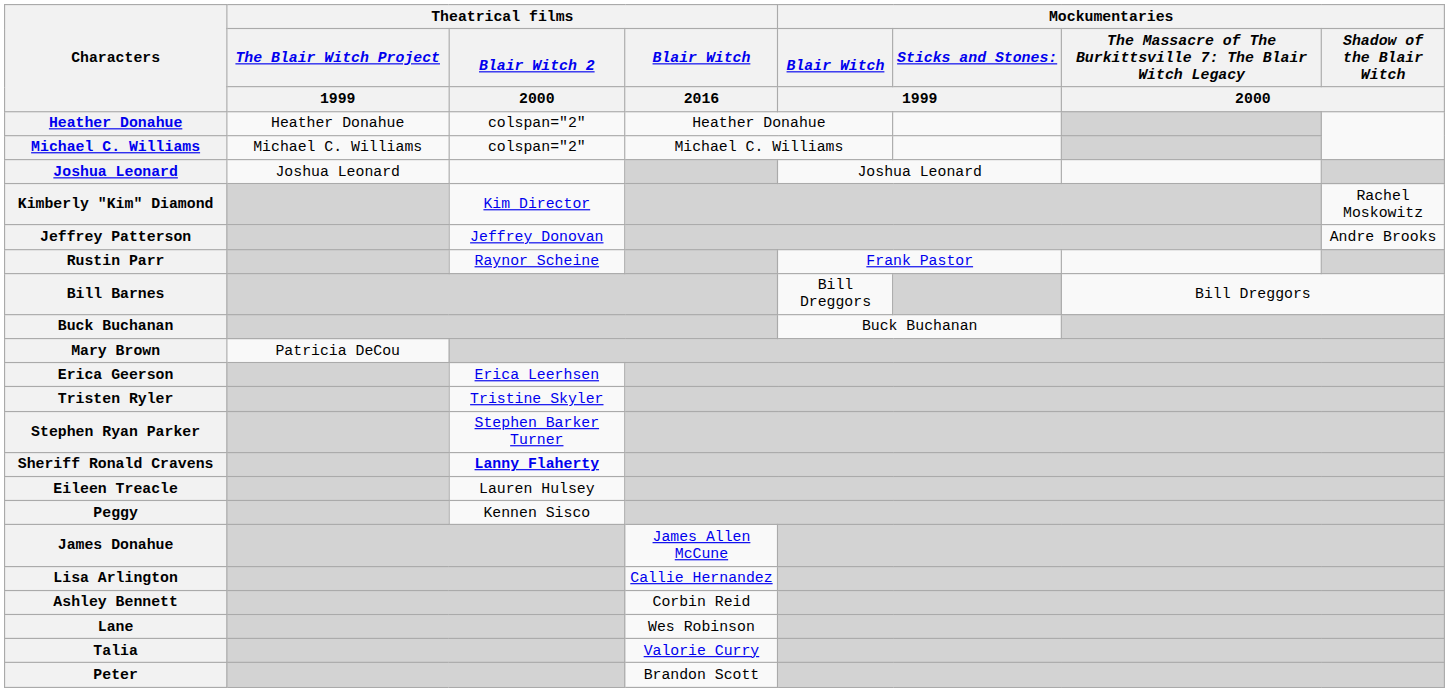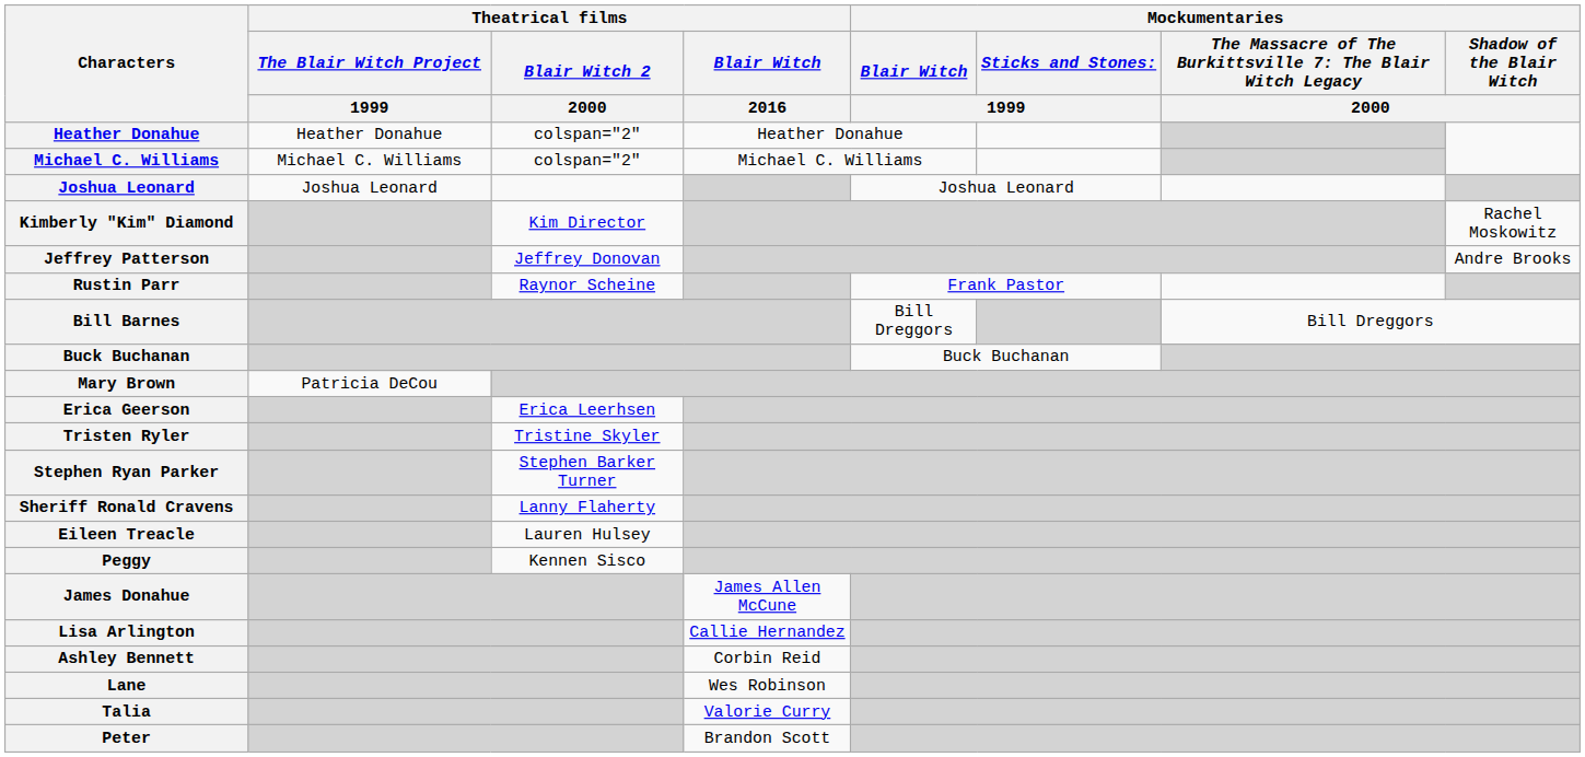 <table class="wikitable" style="text-align:center; width:100%">
 <tr>
 <th rowspan="3" score="col" width="14.5%">Characters</th>
 <th colspan="3">Theatrical films</th>
 <th colspan="4">Mockumentaries</th>
 </tr>
 <tr>
 <th score="col" width="14.5%"><em><a href='#'>The Blair Witch Project</a></em></th>
 <th score="col" width="11.5%"><em><a href='#'><br>Blair Witch 2</a></em></th>
 <th score="col" width="10%"><em><a href='#'>Blair Witch</a></em></th>
 <th score="col" width="7.5%"><em><a href='#'><br>Blair Witch</a></em></th>
 <th score="col" width="11%"><em><a href='#'>Sticks and Stones:<br></a></em></th>
 <th score="col" width="17%"><em>The Massacre of The Burkittsville 7: The Blair Witch Legacy</em></th>
 <th score="col" width="8%"><em>Shadow of the Blair Witch</em></th>
 </tr>
 <tr>
 <th>1999</th>
 <th>2000</th>
 <th>2016</th>
 <th colspan="2">1999</th>
 <th colspan="2">2000</th>
 </tr>
 <tr>
 <th><a href='#'>Heather Donahue</a></th>
 <td>Heather Donahue</td>
 <td>colspan="2" </td>
 <td colspan="2">Heather Donahue</td>
 <td></td>
 <td style="background-color:#D3D3D3;"></td>
 </tr>
 <tr>
 <th><a href='#'>Michael C. Williams</a></th>
 <td>Michael C. Williams</td>
 <td>colspan="2" </td>
 <td colspan="2">Michael C. Williams</td>
 <td></td>
 <td style="background-color:#D3D3D3;"></td>
 </tr>
 <tr>
 <th><a href='#'>Joshua Leonard</a></th>
 <td>Joshua Leonard</td>
 <td></td>
 <td style="background-color:#D3D3D3;"></td>
 <td colspan="2">Joshua Leonard</td>
 <td></td>
 <td style="background-color:#D3D3D3;"></td>
 </tr>
 <tr>
 <th>Kimberly "Kim" Diamond</th>
 <td style="background-color:#D3D3D3;"></td>
 <td><a href='#'>Kim Director</a></td>
 <td colspan="4" style="background-color:#D3D3D3;"></td>
 <td>Rachel Moskowitz</td>
 </tr>
 <tr>
 <th>Jeffrey Patterson</th>
 <td style="background-color:#D3D3D3;"></td>
 <td><a href='#'>Jeffrey Donovan</a></td>
 <td colspan="4" style="background-color:#D3D3D3;"></td>
 <td>Andre Brooks</td>
 </tr>
 <tr>
 <th>Rustin Parr</th>
 <td style="background:lightgrey;"></td>
 <td><a href='#'>Raynor Scheine</a></td>
 <td style="background:lightgrey;"></td>
 <td colspan="2"><a href='#'>Frank Pastor</a></td>
 <td></td>
 <td style="background-color:#D3D3D3;"></td>
 </tr>
 <tr>
 <th>Bill Barnes</th>
 <td colspan="3" style="background-color:#D3D3D3;"></td>
 <td>Bill Dreggors</td>
 <td style="background-color:#D3D3D3;"></td>
 <td colspan="2">Bill Dreggors</td>
 </tr>
 <tr>
 <th>Buck Buchanan</th>
 <td colspan="3" style="background-color:#D3D3D3;"></td>
 <td colspan="2">Buck Buchanan</td>
 <td colspan="2" style="background-color:#D3D3D3;"></td>
 </tr>
 <tr>
 <th>Mary Brown</th>
 <td>Patricia DeCou</td>
 <td colspan="6" style="background-color:#D3D3D3;"></td>
 </tr>
 <tr>
 <th>Erica Geerson</th>
 <td style="background-color:#D3D3D3;"></td>
 <td><a href='#'>Erica Leerhsen</a></td>
 <td colspan="5" style="background-color:#D3D3D3;"></td>
 </tr>
 <tr>
 <th>Tristen Ryler</th>
 <td style="background-color:#D3D3D3;"></td>
 <td><a href='#'>Tristine Skyler</a></td>
 <td colspan="5" style="background-color:#D3D3D3;"></td>
 </tr>
 <tr>
 <th>Stephen Ryan Parker</th>
 <td style="background-color:#D3D3D3;"></td>
 <td><a href='#'>Stephen Barker Turner</a></td>
 <td colspan="5" style="background-color:#D3D3D3;"></td>
 </tr>
 <tr>
 <th>Sheriff Ronald Cravens</th>
 <td style="background-color:#D3D3D3;"></td>
-<td><strong><a href='#'>Lanny Flaherty</a></strong></td>
+<td><a href='#'>Lanny Flaherty</a></td>
 <td colspan="5" style="background-color:#D3D3D3;"></td>
 </tr>
 <tr>
 <th>Eileen Treacle</th>
 <td style="background-color:#D3D3D3;"></td>
 <td>Lauren Hulsey</td>
 <td colspan="5" style="background-color:#D3D3D3;"></td>
 </tr>
 <tr>
 <th>Peggy</th>
 <td style="background-color:#D3D3D3;"></td>
 <td>Kennen Sisco</td>
 <td colspan="5" style="background-color:#D3D3D3;"></td>
 </tr>
 <tr>
 <th>James Donahue</th>
 <td colspan="2" style="background-color:#D3D3D3;"></td>
 <td><a href='#'>James Allen McCune</a></td>
 <td colspan="4" style="background-color:#D3D3D3;"></td>
 </tr>
 <tr>
 <th>Lisa Arlington</th>
 <td colspan="2" style="background-color:#D3D3D3;"></td>
 <td><a href='#'>Callie Hernandez</a></td>
 <td colspan="4" style="background-color:#D3D3D3;"></td>
 </tr>
 <tr>
 <th>Ashley Bennett</th>
 <td colspan="2" style="background-color:#D3D3D3;"></td>
 <td>Corbin Reid</td>
 <td colspan="4" style="background-color:#D3D3D3;"></td>
 </tr>
 <tr>
 <th>Lane</th>
 <td colspan="2" style="background-color:#D3D3D3;"></td>
 <td>Wes Robinson</td>
 <td colspan="4" style="background-color:#D3D3D3;"></td>
 </tr>
 <tr>
 <th>Talia</th>
 <td colspan="2" style="background-color:#D3D3D3;"></td>
 <td><a href='#'>Valorie Curry</a></td>
 <td colspan="4" style="background-color:#D3D3D3;"></td>
 </tr>
 <tr>
 <th>Peter</th>
 <td colspan="2" style="background-color:#D3D3D3;"></td>
 <td>Brandon Scott</td>
 <td colspan="4" style="background-color:#D3D3D3;"></td>
 </tr>
 </table>
